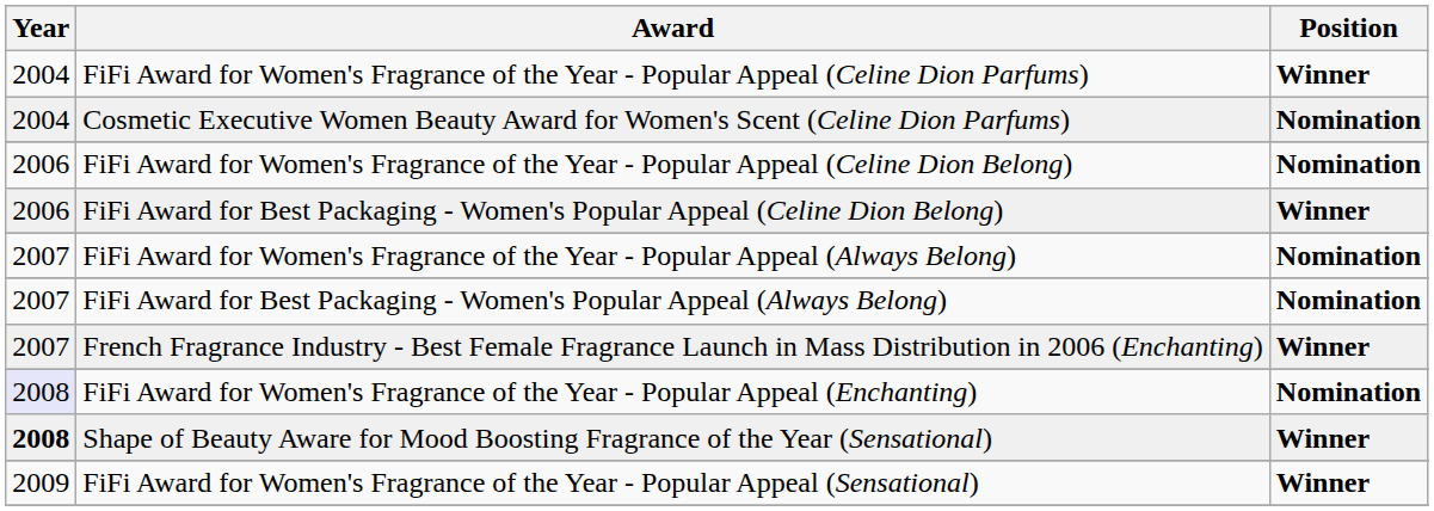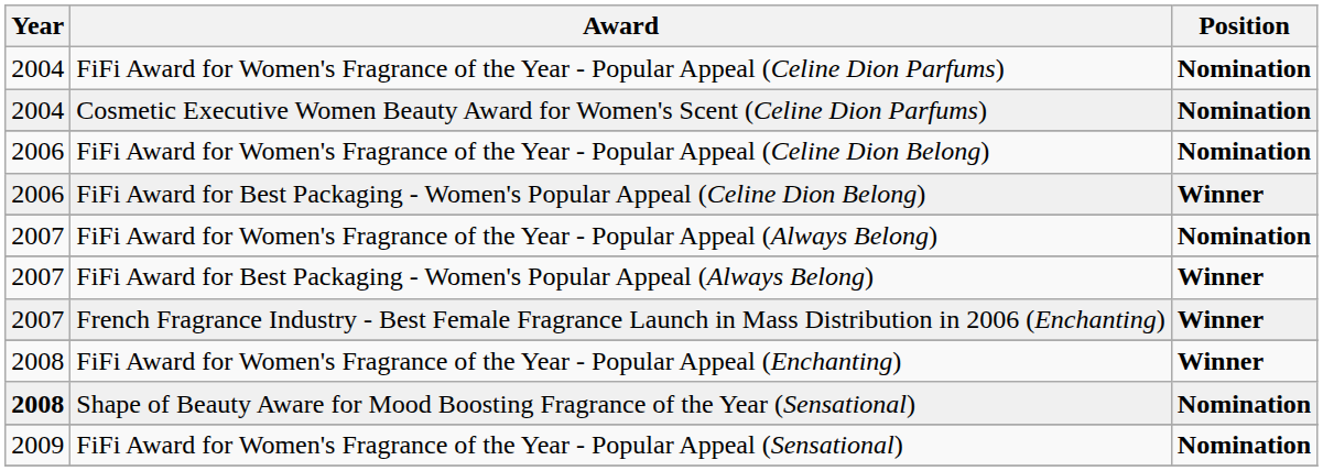 <table class="wikitable">
 <tr style="background:#ccc; text-align:center;">
 <th>Year</th>
 <th>Award</th>
 <th>Position</th>
 </tr>
 <tr>
 <td>2004</td>
 <td>FiFi Award for Women's Fragrance of the Year - Popular Appeal (<em>Celine Dion Parfums</em>)</td>
-<td><strong>Winner</strong></td>
+<td><strong>Nomination</strong></td>
 </tr>
 <tr style="background:#f0f0f0">
 <td>2004</td>
 <td>Cosmetic Executive Women Beauty Award for Women's Scent (<em>Celine Dion Parfums</em>)</td>
 <td><strong>Nomination</strong></td>
 </tr>
 <tr style="background:#f0f0f0">
 </tr>
 <tr>
 <td>2006</td>
 <td>FiFi Award for Women's Fragrance of the Year - Popular Appeal (<em>Celine Dion Belong</em>)</td>
 <td><strong>Nomination</strong></td>
 </tr>
 <tr style="background:#f0f0f0">
 <td>2006</td>
 <td>FiFi Award for Best Packaging - Women's Popular Appeal (<em>Celine Dion Belong</em>)</td>
 <td><strong>Winner</strong></td>
 </tr>
 <tr style="background:#f0f0f0">
 </tr>
 <tr>
 <td>2007</td>
 <td>FiFi Award for Women's Fragrance of the Year - Popular Appeal (<em>Always Belong</em>)</td>
 <td><strong>Nomination</strong></td>
 </tr>
 <tr style="background:#f0f0f0">
 </tr>
 <tr>
 <td>2007</td>
 <td>FiFi Award for Best Packaging - Women's Popular Appeal  (<em>Always Belong</em>)</td>
-<td><strong>Nomination</strong></td>
+<td><strong>Winner</strong></td>
 </tr>
 <tr style="background:#f0f0f0">
 <td>2007</td>
 <td>French Fragrance Industry - Best Female Fragrance Launch in Mass Distribution in 2006 (<em>Enchanting</em>)</td>
 <td><strong>Winner</strong></td>
 </tr>
 <tr style="background:#f0f0f0">
 </tr>
 <tr>
-<td style="background: lavender;">2008</td>
+<td>2008</td>
 <td>FiFi Award for Women's Fragrance of the Year - Popular Appeal (<em>Enchanting</em>)</td>
-<td><strong>Nomination</strong></td>
+<td><strong>Winner</strong></td>
 </tr>
 <tr style="background:#f0f0f0">
 <td><strong>2008</strong></td>
 <td>Shape of Beauty Aware for Mood Boosting Fragrance of the Year (<em>Sensational</em>)</td>
-<td><strong>Winner</strong></td>
+<td><strong>Nomination</strong></td>
 </tr>
 <tr style="background:#f0f0f0">
 </tr>
 <tr>
 <td>2009</td>
 <td>FiFi Award for Women's Fragrance of the Year - Popular Appeal (<em>Sensational</em>)</td>
-<td><strong>Winner</strong></td>
+<td><strong>Nomination</strong></td>
 </tr>
 <tr style="background:#f0f0f0">
 </tr>
 </table>
